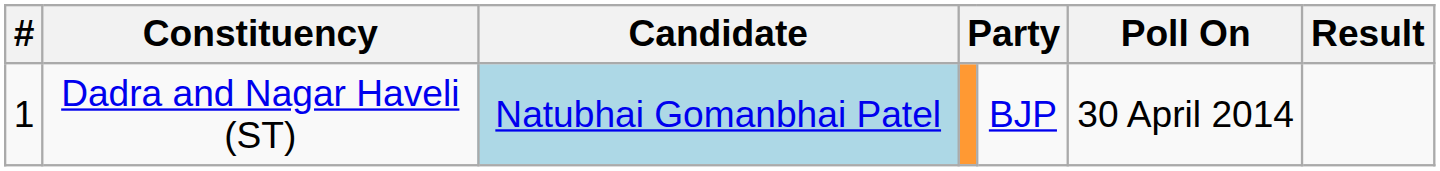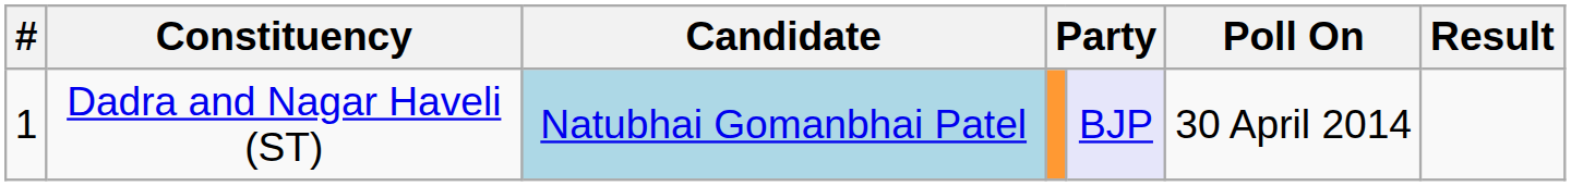 <table class="wikitable sortable" style="text-align:center;">
 <tr>
 <th>#</th>
 <th style="width:180px;">Constituency</th>
 <th style="width:200px;">Candidate</th>
 <th colspan="2">Party</th>
 <th>Poll On</th>
 <th>Result</th>
 </tr>
 <tr>
 <td style="text-align:center;">1</td>
 <td><a href='#'>Dadra and Nagar Haveli</a> (ST)</td>
 <td style="background: lightblue;"><a href='#'>Natubhai Gomanbhai Patel</a></td>
 <td bgcolor=#FF9933></td>
-<td><a href='#'>BJP</a></td>
+<td style="background: lavender;"><a href='#'>BJP</a></td>
 <td>30 April 2014</td>
 <td></td>
 </tr>
 </table>
